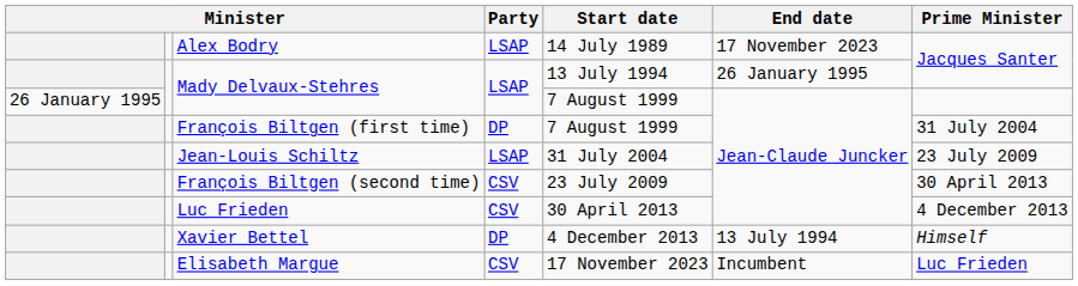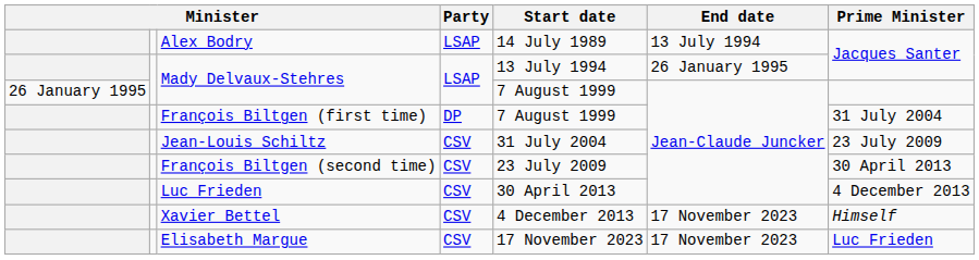 <table class="wikitable">
 <tr style="background: #efefef;">
 <th colspan=3>Minister</th>
 <th>Party</th>
 <th>Start date</th>
 <th>End date</th>
 <th>Prime Minister</th>
 </tr>
 <tr>
 <th style="background-color: "></th>
 <td></td>
 <td><a href='#'>Alex Bodry</a></td>
 <td><a href='#'>LSAP</a></td>
 <td>14 July 1989</td>
-<td>17 November 2023</td>
+<td>13 July 1994</td>
 <td rowspan=2><a href='#'>Jacques Santer</a></td>
 </tr>
 <tr>
 <th style="background-color: "></th>
 <td rowspan=2></td>
 <td rowspan=2><a href='#'>Mady Delvaux-Stehres</a></td>
 <td rowspan=2><a href='#'>LSAP</a></td>
 <td>13 July 1994</td>
 <td>26 January 1995</td>
 </tr>
 <tr>
 <td>26 January 1995</td>
 <td>7 August 1999</td>
 <td rowspan=5><a href='#'>Jean-Claude Juncker</a></td>
 </tr>
 <tr>
 <th style="background-color: "></th>
 <td></td>
 <td><a href='#'>François Biltgen</a> (first time)</td>
 <td><a href='#'>DP</a></td>
 <td>7 August 1999</td>
 <td>31 July 2004</td>
 </tr>
 <tr>
 <th style="background-color: "></th>
 <td></td>
 <td><a href='#'>Jean-Louis Schiltz</a></td>
-<td><a href='#'>LSAP</a></td>
+<td><a href='#'>CSV</a></td>
 <td>31 July 2004</td>
 <td>23 July 2009</td>
 </tr>
 <tr>
 <th style="background-color: "></th>
 <td></td>
 <td><a href='#'>François Biltgen</a> (second time)</td>
 <td><a href='#'>CSV</a></td>
 <td>23 July 2009</td>
 <td>30 April 2013</td>
 </tr>
 <tr>
 <th style="background-color: "></th>
 <td></td>
 <td><a href='#'>Luc Frieden</a></td>
 <td><a href='#'>CSV</a></td>
 <td>30 April 2013</td>
 <td>4 December 2013</td>
 </tr>
 <tr>
 <th style="background-color: "></th>
 <td></td>
 <td><a href='#'>Xavier Bettel</a></td>
-<td><a href='#'>DP</a></td>
+<td><a href='#'>CSV</a></td>
 <td>4 December 2013</td>
-<td>13 July 1994</td>
+<td>17 November 2023</td>
 <td rowspan=1><em>Himself</em></td>
 </tr>
 <tr>
 <th style="background-color: "></th>
 <td></td>
 <td><a href='#'>Elisabeth Margue</a></td>
 <td><a href='#'>CSV</a></td>
 <td>17 November 2023</td>
-<td>Incumbent</td>
+<td>17 November 2023</td>
 <td><a href='#'>Luc Frieden</a></td>
 </tr>
 </table>
